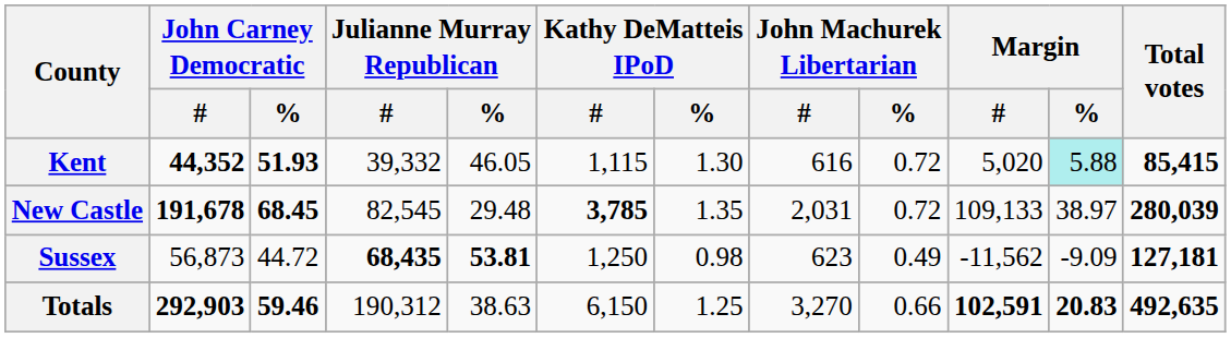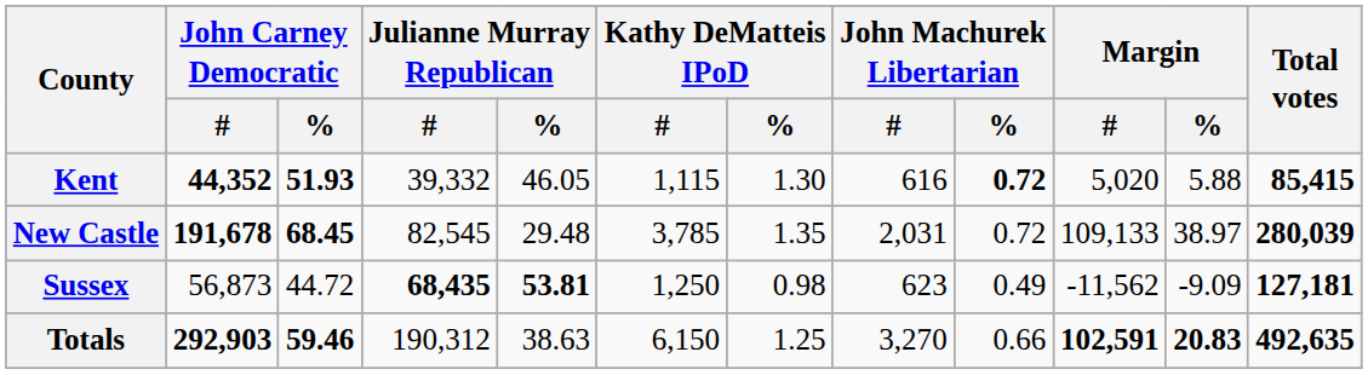 <table class="wikitable sortable" style="text-align:right;font-size:90%;line-height:1.3">
 <tr>
 <th rowspan="2">County</th>
 <th colspan="2"><a href='#'>John Carney</a><br><a href='#'>Democratic</a></th>
 <th colspan="2">Julianne Murray<br><a href='#'>Republican</a></th>
 <th colspan="2">Kathy DeMatteis<br><a href='#'>IPoD</a></th>
 <th colspan="2">John Machurek<br><a href='#'>Libertarian</a></th>
 <th colspan="2">Margin</th>
 <th rowspan="2">Total<br>votes</th>
 </tr>
 <tr>
 <th data-sort-type="number">#</th>
 <th data-sort-type="number">%</th>
 <th data-sort-type="number">#</th>
 <th data-sort-type="number">%</th>
 <th data-sort-type="number">#</th>
 <th data-sort-type="number">%</th>
 <th data-sort-type="number">#</th>
 <th data-sort-type="number">%</th>
 <th data-sort-type="number">#</th>
 <th data-sort-type="number">%</th>
 </tr>
 <tr>
 <th><a href='#'>Kent</a></th>
 <td><strong>44,352</strong></td>
 <td><strong>51.93</strong></td>
 <td>39,332</td>
 <td>46.05</td>
 <td>1,115</td>
 <td>1.30</td>
 <td>616</td>
-<td>0.72</td>
+<td><strong>0.72</strong></td>
 <td>5,020</td>
-<td style="background: paleturquoise;">5.88</td>
+<td>5.88</td>
 <td><strong>85,415</strong></td>
 </tr>
 <tr>
 <th><a href='#'>New Castle</a></th>
 <td><strong>191,678</strong></td>
 <td><strong>68.45</strong></td>
 <td>82,545</td>
 <td>29.48</td>
-<td><strong>3,785</strong></td>
+<td>3,785</td>
 <td>1.35</td>
 <td>2,031</td>
 <td>0.72</td>
 <td>109,133</td>
 <td>38.97</td>
 <td><strong>280,039</strong></td>
 </tr>
 <tr>
 <th><a href='#'>Sussex</a></th>
 <td>56,873</td>
 <td>44.72</td>
 <td><strong>68,435</strong></td>
 <td><strong>53.81</strong></td>
 <td>1,250</td>
 <td>0.98</td>
 <td>623</td>
 <td>0.49</td>
 <td>-11,562</td>
 <td>-9.09</td>
 <td><strong>127,181</strong></td>
 </tr>
 <tr class="sortbottom">
 <th>Totals</th>
 <td><strong>292,903</strong></td>
 <td><strong>59.46</strong></td>
 <td>190,312</td>
 <td>38.63</td>
 <td>6,150</td>
 <td>1.25</td>
 <td>3,270</td>
 <td>0.66</td>
 <td><strong>102,591</strong></td>
 <td><strong>20.83</strong></td>
 <td><strong>492,635</strong></td>
 </tr>
 </table>
